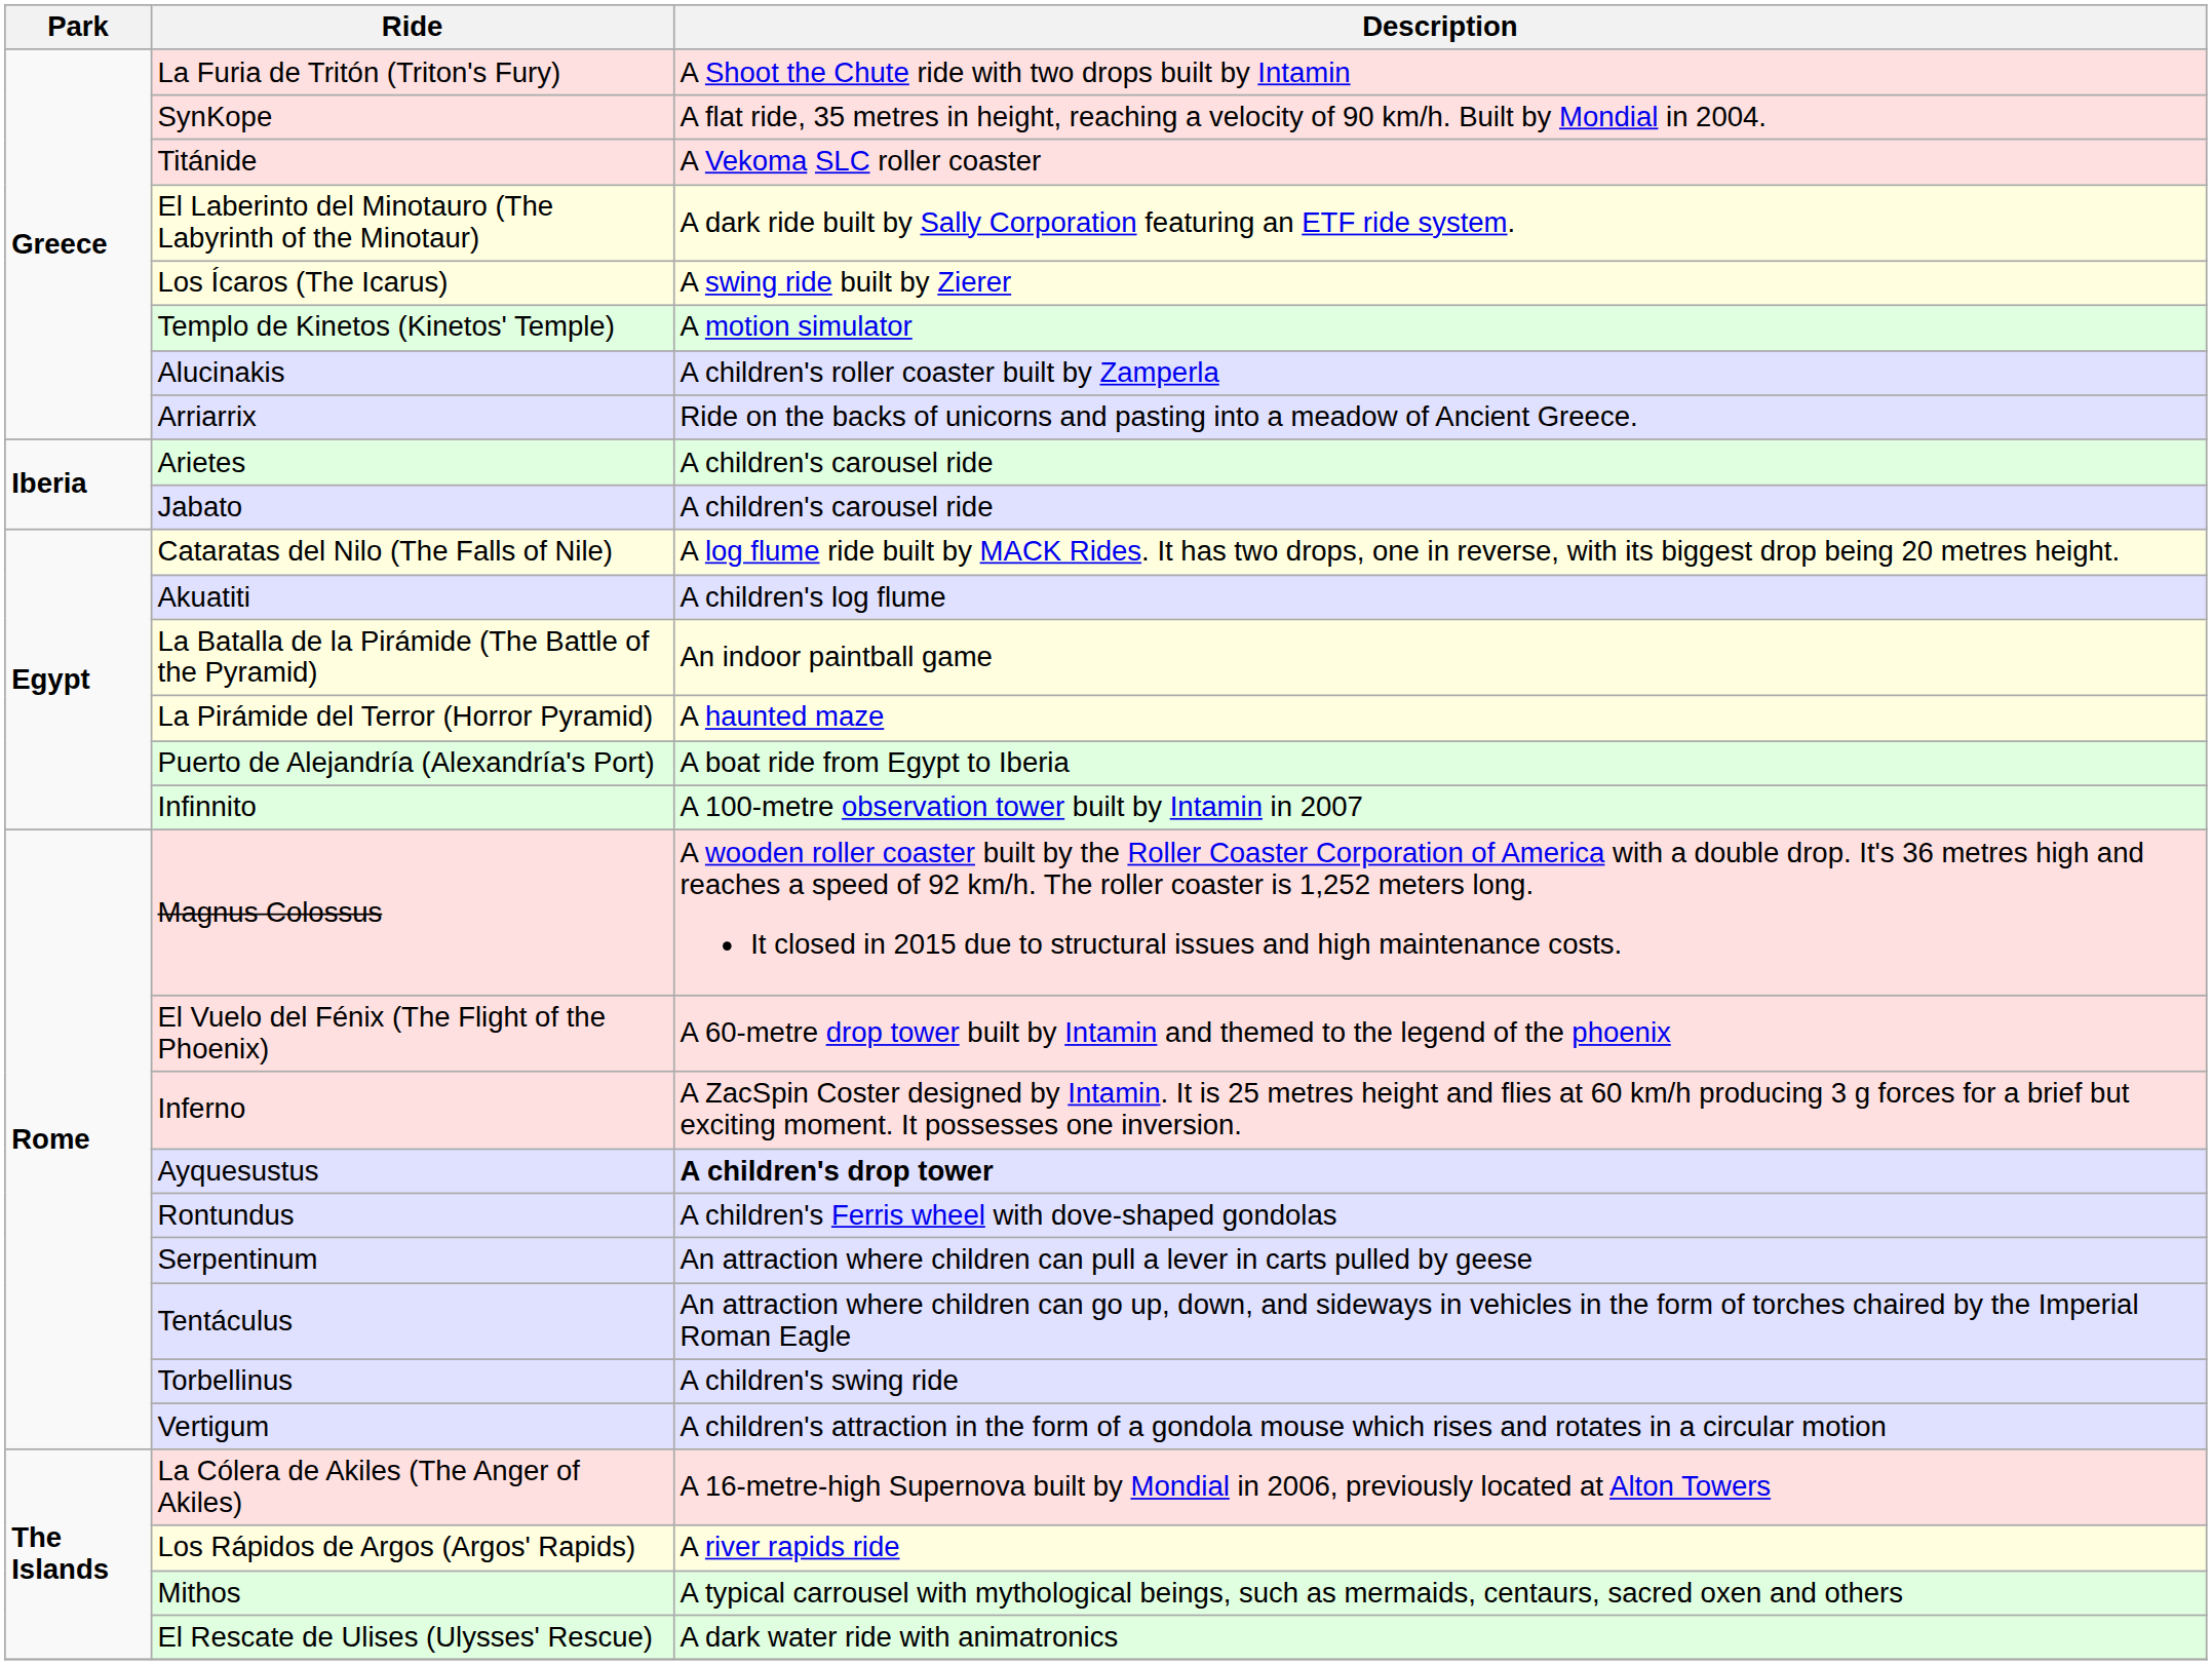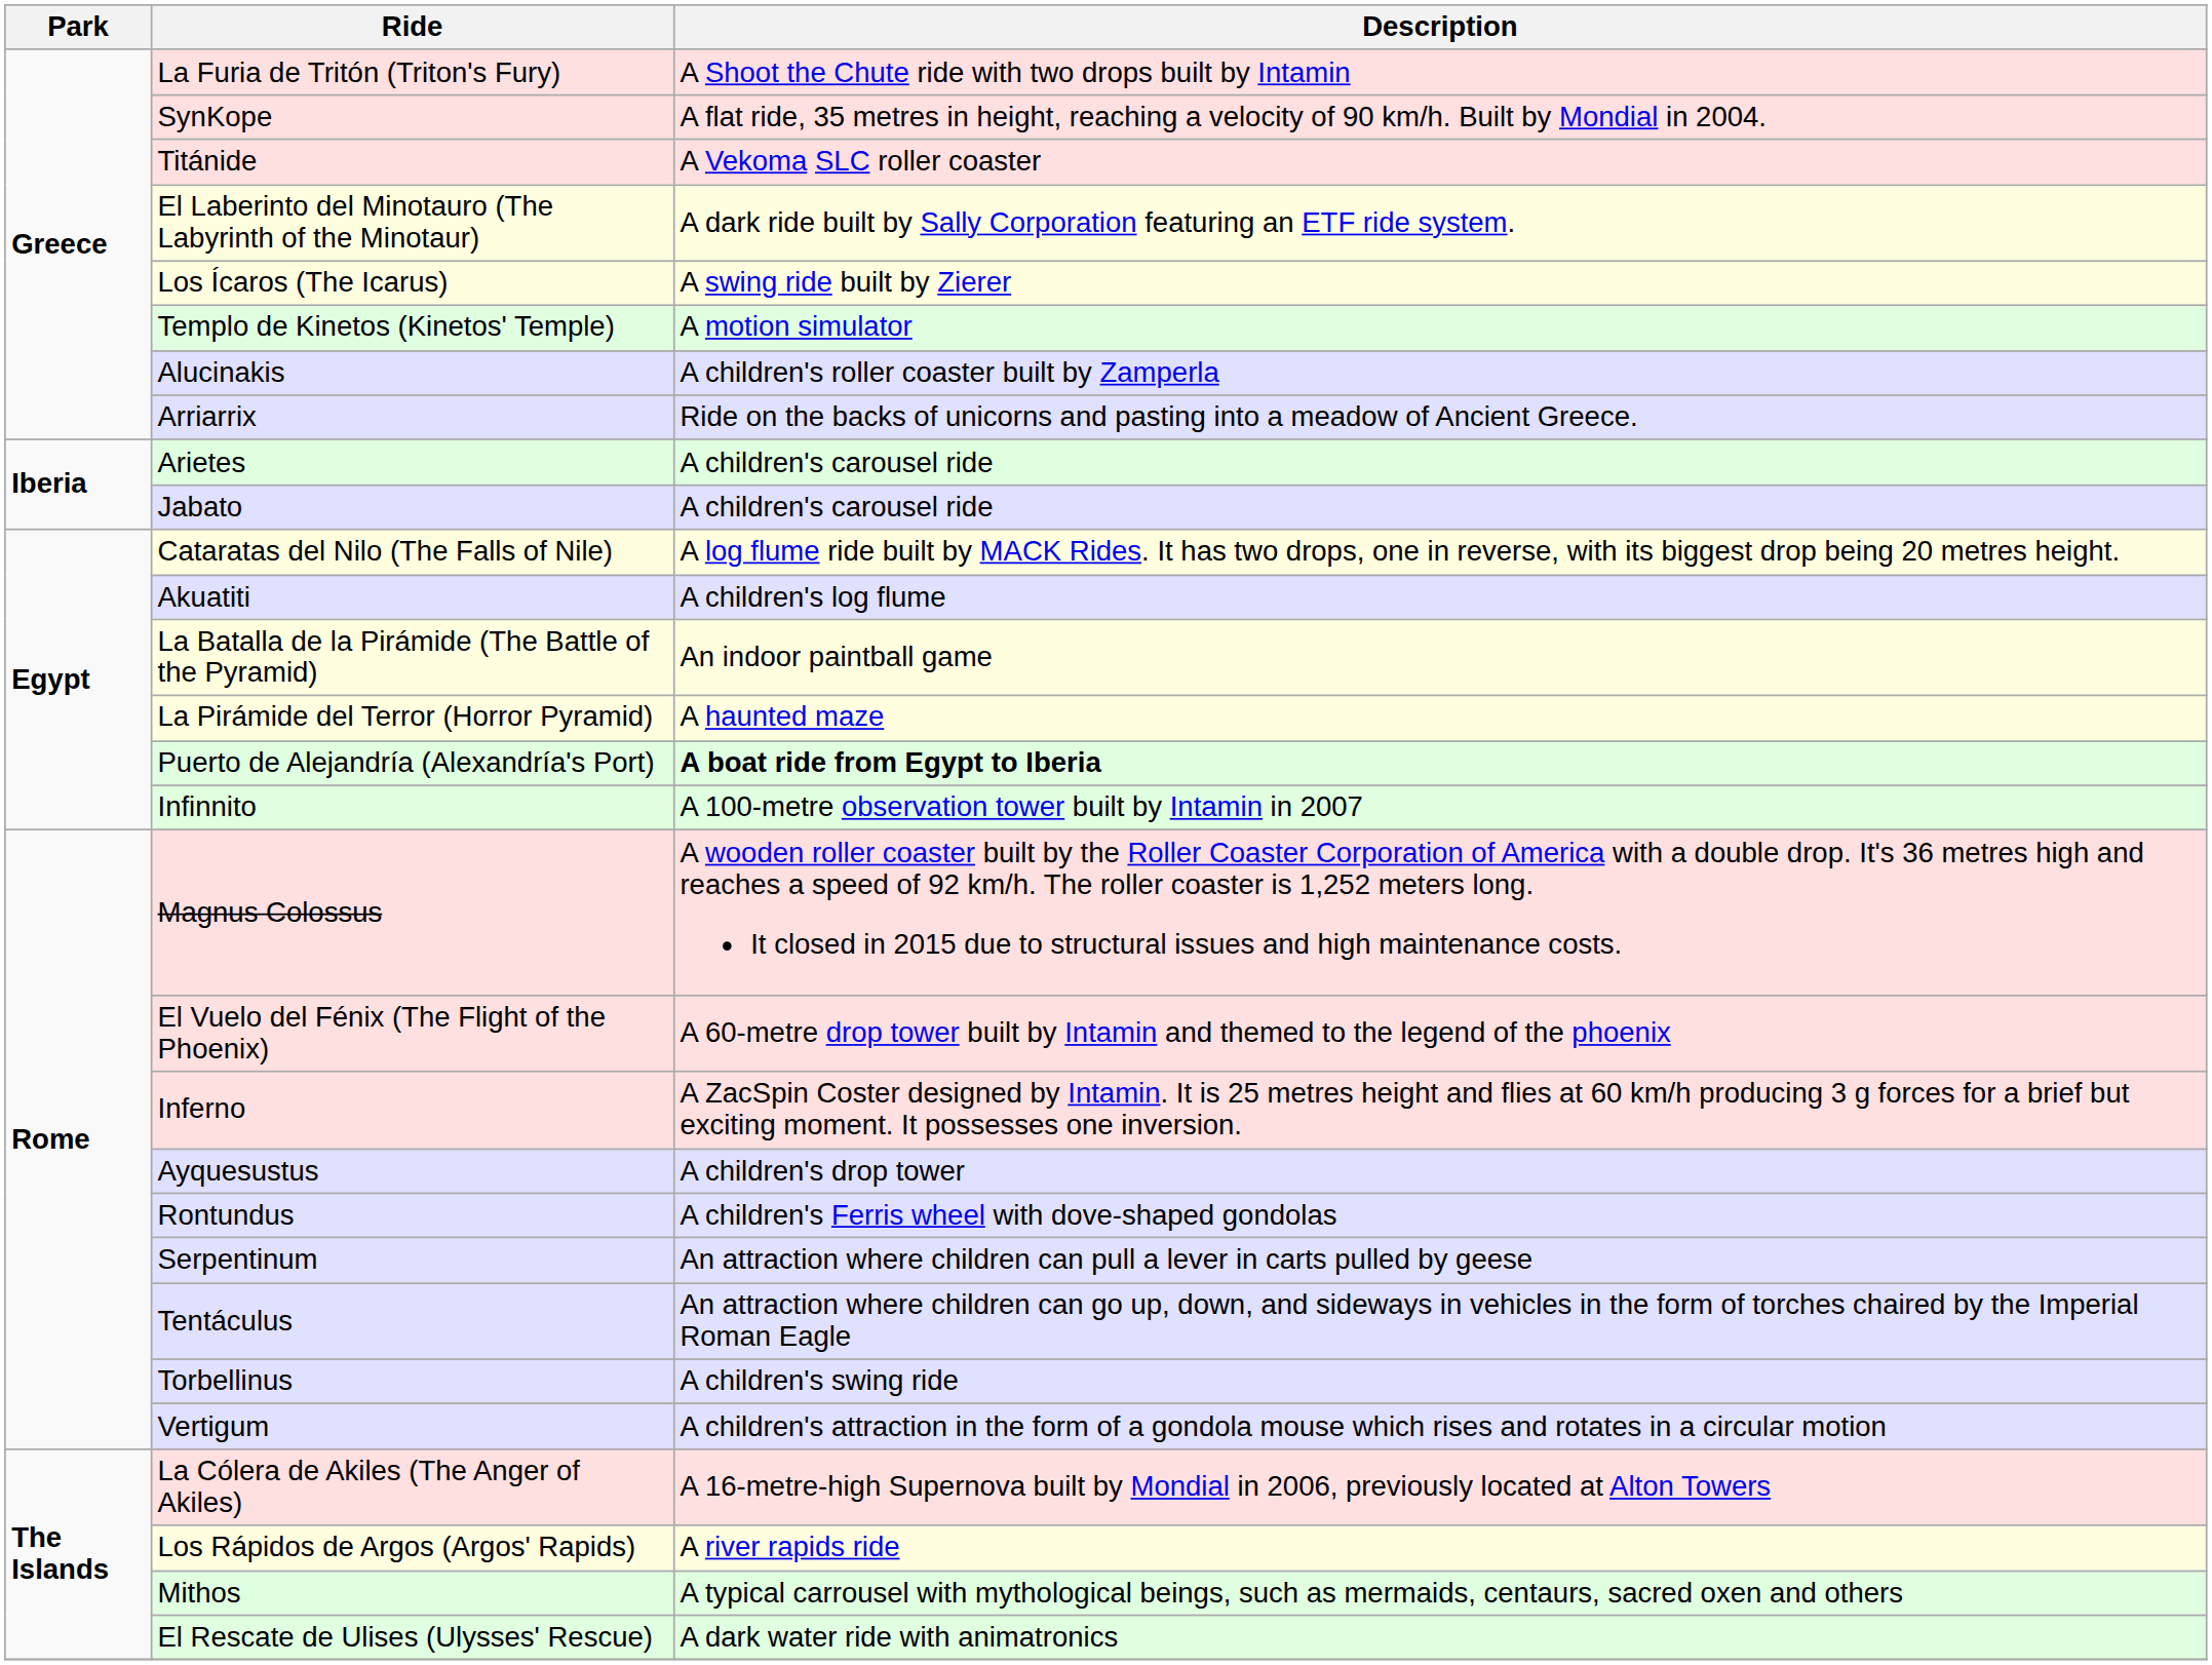 <table class="wikitable">
 <tr>
 <th>Park</th>
 <th>Ride</th>
 <th>Description</th>
 </tr>
 <tr>
 <td rowspan=8><strong>Greece</strong></td>
 <td bgcolor=#FFE0E0>La Furia de Tritón (Triton's Fury)</td>
 <td bgcolor=#FFE0E0>A <a href='#'>Shoot the Chute</a> ride with two drops built by <a href='#'>Intamin</a></td>
 </tr>
 <tr>
 <td bgcolor=#FFE0E0>SynKope</td>
 <td bgcolor=#FFE0E0>A flat ride, 35 metres in height, reaching a velocity of 90 km/h. Built by <a href='#'>Mondial</a> in 2004.</td>
 </tr>
 <tr>
 <td bgcolor=#FFE0E0>Titánide</td>
 <td bgcolor=#FFE0E0>A <a href='#'>Vekoma</a> <a href='#'>SLC</a> roller coaster</td>
 </tr>
 <tr>
 <td bgcolor=#FFFFE0>El Laberinto del Minotauro (The Labyrinth of the Minotaur)</td>
 <td bgcolor=#FFFFE0>A dark ride built by <a href='#'>Sally Corporation</a> featuring an <a href='#'>ETF ride system</a>.</td>
 </tr>
 <tr>
 <td bgcolor=#FFFFE0>Los Ícaros (The Icarus)</td>
 <td bgcolor=#FFFFE0>A <a href='#'>swing ride</a> built by <a href='#'>Zierer</a></td>
 </tr>
 <tr>
 <td bgcolor=#E0FFE0>Templo de Kinetos (Kinetos' Temple)</td>
 <td bgcolor=#E0FFE0>A <a href='#'>motion simulator</a></td>
 </tr>
 <tr>
 <td bgcolor=#E0E0FF>Alucinakis</td>
 <td bgcolor=#E0E0FF>A children's roller coaster built by <a href='#'>Zamperla</a></td>
 </tr>
 <tr>
 <td bgcolor=#E0E0FF>Arriarrix</td>
 <td bgcolor=#E0E0FF>Ride on the backs of unicorns and pasting into a meadow of Ancient Greece.</td>
 </tr>
 <tr>
 <td rowspan=2><strong>Iberia</strong></td>
 <td bgcolor=#E0FFE0>Arietes</td>
 <td bgcolor=#E0FFE0>A children's carousel ride</td>
 </tr>
 <tr>
 <td bgcolor=#E0E0FF>Jabato</td>
 <td bgcolor=#E0E0FF>A children's carousel ride</td>
 </tr>
 <tr>
 <td rowspan=6><strong>Egypt</strong></td>
 <td bgcolor=#FFFFE0>Cataratas del Nilo (The Falls of Nile)</td>
 <td bgcolor=#FFFFE0>A <a href='#'>log flume</a> ride built by <a href='#'>MACK Rides</a>. It has two drops, one in reverse, with its biggest drop being 20 metres height.</td>
 </tr>
 <tr>
 <td bgcolor=#E0E0FF>Akuatiti</td>
 <td bgcolor=#E0E0FF>A children's log flume</td>
 </tr>
 <tr>
 <td bgcolor=#FFFFE0>La Batalla de la Pirámide (The Battle of the Pyramid)</td>
 <td bgcolor=#FFFFE0>An indoor paintball game</td>
 </tr>
 <tr>
 <td bgcolor=#FFFFE0>La Pirámide del Terror (Horror Pyramid)</td>
 <td bgcolor=#FFFFE0>A <a href='#'>haunted maze</a></td>
 </tr>
 <tr>
 <td bgcolor=#E0FFE0>Puerto de Alejandría (Alexandría's Port)</td>
-<td bgcolor=#E0FFE0>A boat ride from Egypt to Iberia</td>
+<td bgcolor=#E0FFE0><strong>A boat ride from Egypt to Iberia</strong></td>
 </tr>
 <tr>
 <td bgcolor=#E0FFE0>Infinnito</td>
 <td bgcolor=#E0FFE0>A 100-metre <a href='#'>observation tower</a> built by <a href='#'>Intamin</a> in 2007</td>
 </tr>
 <tr>
 <td rowspan=9><strong>Rome</strong></td>
 <td bgcolor=#FFE0E0><s>Magnus Colossus</s></td>
 <td bgcolor=#FFE0E0>A <a href='#'>wooden roller coaster</a> built by the <a href='#'>Roller Coaster Corporation of America</a> with a double drop. It's 36 metres high and reaches a speed of 92 km/h. The roller coaster is 1,252 meters long.<br><ul><li>It closed in 2015 due to structural issues and high maintenance costs.</li></ul></td>
 </tr>
 <tr>
 <td bgcolor=#FFE0E0>El Vuelo del Fénix (The Flight of the Phoenix)</td>
 <td bgcolor=#FFE0E0>A 60-metre <a href='#'>drop tower</a> built by <a href='#'>Intamin</a> and themed to the legend of the <a href='#'>phoenix</a></td>
 </tr>
 <tr>
 <td bgcolor=#FFE0E0>Inferno</td>
 <td bgcolor=#FFE0E0>A ZacSpin Coster designed by <a href='#'>Intamin</a>. It is 25 metres height and flies at 60 km/h producing 3 g forces for a brief but exciting moment. It possesses one inversion.</td>
 </tr>
 <tr>
 <td bgcolor=#E0E0FF>Ayquesustus</td>
-<td bgcolor=#E0E0FF><strong>A children's drop tower</strong></td>
+<td bgcolor=#E0E0FF>A children's drop tower</td>
 </tr>
 <tr>
 <td bgcolor=#E0E0FF>Rontundus</td>
 <td bgcolor=#E0E0FF>A children's <a href='#'>Ferris wheel</a> with dove-shaped gondolas</td>
 </tr>
 <tr>
 <td bgcolor=#E0E0FF>Serpentinum</td>
 <td bgcolor=#E0E0FF>An attraction where children can pull a lever in carts pulled by geese</td>
 </tr>
 <tr>
 <td bgcolor=#E0E0FF>Tentáculus</td>
 <td bgcolor=#E0E0FF>An attraction where children can go up, down, and sideways in vehicles in the form of torches chaired by the Imperial Roman Eagle</td>
 </tr>
 <tr>
 <td bgcolor=#E0E0FF>Torbellinus</td>
 <td bgcolor=#E0E0FF>A children's swing ride</td>
 </tr>
 <tr>
 <td bgcolor=#E0E0FF>Vertigum</td>
 <td bgcolor=#E0E0FF>A children's attraction in the form of a gondola mouse which rises and rotates in a circular motion</td>
 </tr>
 <tr>
 <td rowspan=4><strong>The Islands</strong></td>
 <td bgcolor=#FFE0E0>La Cólera de Akiles (The Anger of Akiles)</td>
 <td bgcolor=#FFE0E0>A 16-metre-high Supernova built by <a href='#'>Mondial</a> in 2006, previously located at <a href='#'>Alton Towers</a></td>
 </tr>
 <tr>
 <td bgcolor=#FFFFE0>Los Rápidos de Argos (Argos' Rapids)</td>
 <td bgcolor=#FFFFE0>A <a href='#'>river rapids ride</a></td>
 </tr>
 <tr>
 <td bgcolor=#E0FFE0>Mithos</td>
 <td bgcolor=#E0FFE0>A typical carrousel with mythological beings, such as mermaids, centaurs, sacred oxen and others</td>
 </tr>
 <tr>
 <td bgcolor=#E0FFE0>El Rescate de Ulises (Ulysses' Rescue)</td>
 <td bgcolor=#E0FFE0>A dark water ride with animatronics</td>
 </tr>
 <tr>
 </tr>
 </table>
